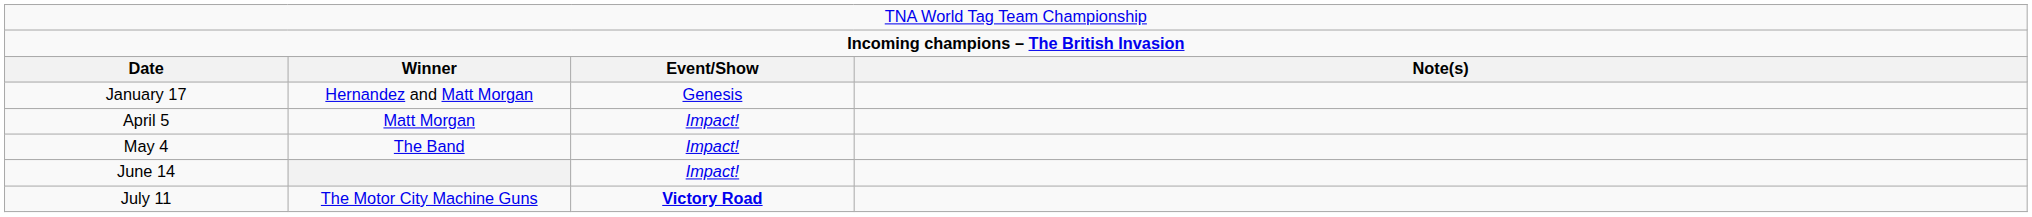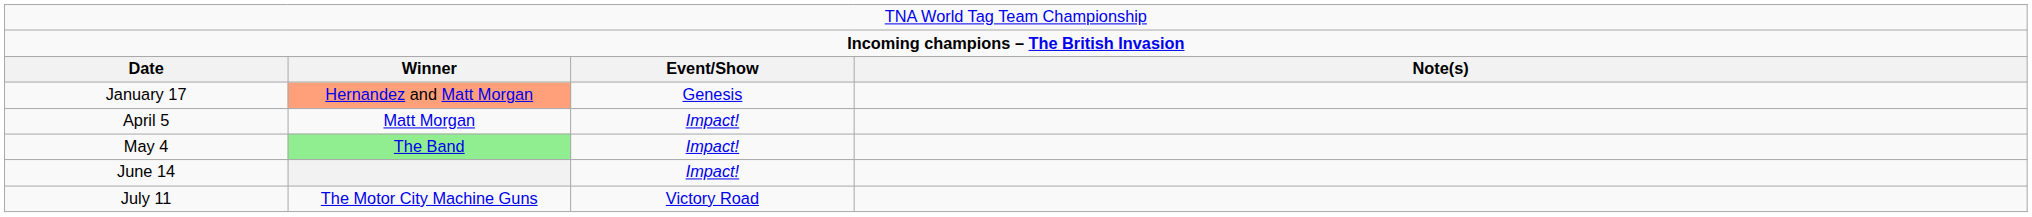 <table class="wikitable" style="text-align:center; width:100%;">
 <tr>
 <td colspan="5"><a href='#'>TNA World Tag Team Championship</a></td>
 </tr>
 <tr>
 <td colspan="5"><strong>Incoming champions – <a href='#'>The British Invasion</a> </strong></td>
 </tr>
 <tr>
 <th width="14%">Date</th>
 <th width="14%">Winner</th>
 <th width="14%">Event/Show</th>
 <th width="58%">Note(s)</th>
 </tr>
 <tr>
 <td>January 17</td>
-<td><a href='#'>Hernandez</a> and <a href='#'>Matt Morgan</a></td>
+<td style="background: lightsalmon;"><a href='#'>Hernandez</a> and <a href='#'>Matt Morgan</a></td>
 <td><a href='#'>Genesis</a></td>
 <td></td>
 </tr>
 <tr>
 <td>April 5</td>
 <td><a href='#'>Matt Morgan</a></td>
 <td><em><a href='#'>Impact!</a></em></td>
 <td></td>
 </tr>
 <tr>
 <td>May 4</td>
-<td><a href='#'>The Band</a><br></td>
+<td style="background: lightgreen;"><a href='#'>The Band</a><br></td>
 <td><em><a href='#'>Impact!</a></em></td>
 <td></td>
 </tr>
 <tr>
 <td>June 14</td>
 <th></th>
 <td><em><a href='#'>Impact!</a></em></td>
 <td></td>
 </tr>
 <tr>
 <td>July 11</td>
 <td><a href='#'>The Motor City Machine Guns</a><br></td>
-<td><strong><a href='#'>Victory Road</a></strong></td>
+<td><a href='#'>Victory Road</a></td>
 <td></td>
 </tr>
 </table>
